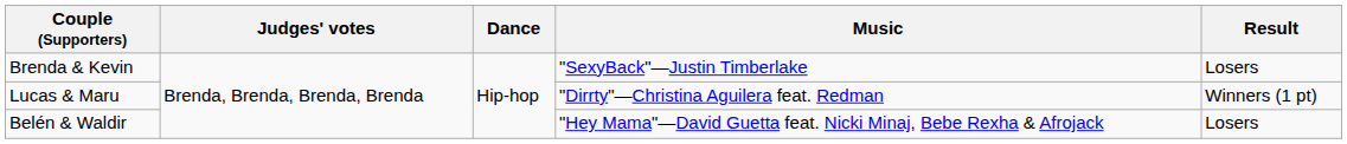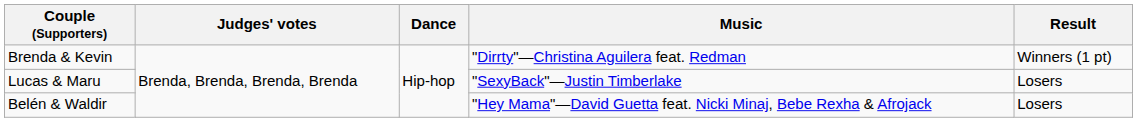 <table class="wikitable sortable" style="width:95%; white-space:nowrap;">
 <tr>
 <th>Couple<br><small>(Supporters)</small></th>
 <th>Judges' votes</th>
 <th>Dance</th>
 <th>Music</th>
 <th>Result</th>
 </tr>
 <tr>
 <td>Brenda & Kevin<br></td>
 <td rowspan=3>Brenda, Brenda, Brenda, Brenda</td>
 <td rowspan=3>Hip-hop</td>
-<td>"<a href='#'>SexyBack</a>"—<a href='#'>Justin Timberlake</a></td>
-<td>Losers</td>
+<td>"<a href='#'>Dirrty</a>"—<a href='#'>Christina Aguilera</a> feat. <a href='#'>Redman</a></td>
+<td>Winners (1 pt)</td>
 </tr>
 <tr>
 <td>Lucas & Maru<br></td>
-<td>"<a href='#'>Dirrty</a>"—<a href='#'>Christina Aguilera</a> feat. <a href='#'>Redman</a></td>
-<td>Winners (1 pt)</td>
+<td>"<a href='#'>SexyBack</a>"—<a href='#'>Justin Timberlake</a></td>
+<td>Losers</td>
 </tr>
 <tr>
 <td>Belén & Waldir<br></td>
 <td>"<a href='#'>Hey Mama</a>"—<a href='#'>David Guetta</a> feat. <a href='#'>Nicki Minaj</a>, <a href='#'>Bebe Rexha</a> & <a href='#'>Afrojack</a></td>
 <td>Losers</td>
 </tr>
 </table>
